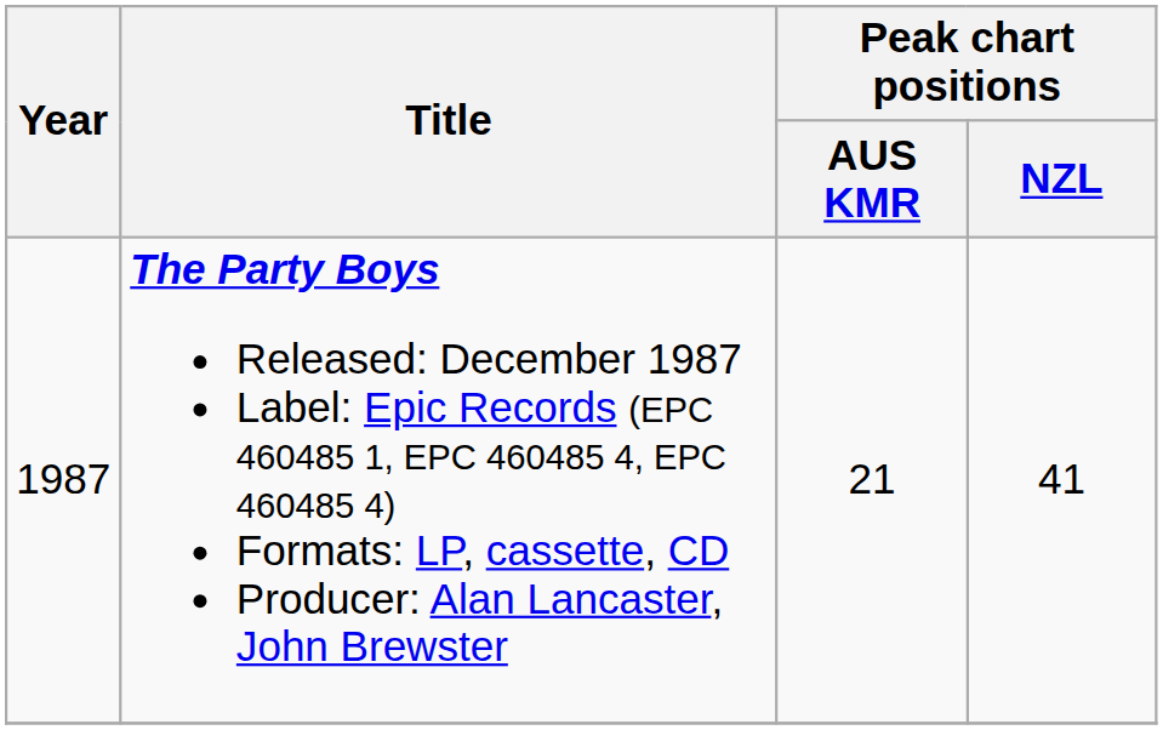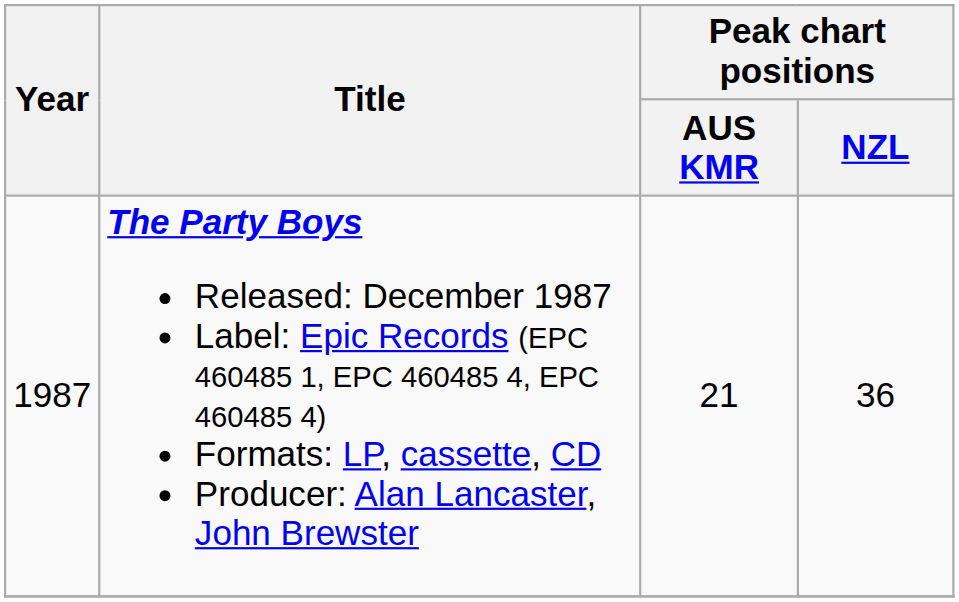 <table class="wikitable">
 <tr>
 <th rowspan="2" width="33">Year</th>
 <th rowspan="2" width="240">Title</th>
 <th colspan="2">Peak chart positions</th>
 </tr>
 <tr>
 <th style="width:4em">AUS<br><a href='#'>KMR</a><br></th>
 <th style="width:4em"><a href='#'>NZL</a><br></th>
 </tr>
 <tr>
 <td align="center">1987</td>
 <td><strong><em><a href='#'>The Party Boys</a></em></strong><br><ul><li>Released: December 1987</li><li>Label: <a href='#'>Epic Records</a> <small>(EPC 460485 1, EPC 460485 4, EPC 460485 4)</small></li><li>Formats: <a href='#'>LP</a>, <a href='#'>cassette</a>, <a href='#'>CD</a></li><li>Producer: <a href='#'>Alan Lancaster</a>, <a href='#'>John Brewster</a></li></ul></td>
 <td align="center">21</td>
-<td align="center">41</td>
+<td align="center">36</td>
 </tr>
 <tr>
 </tr>
 </table>
